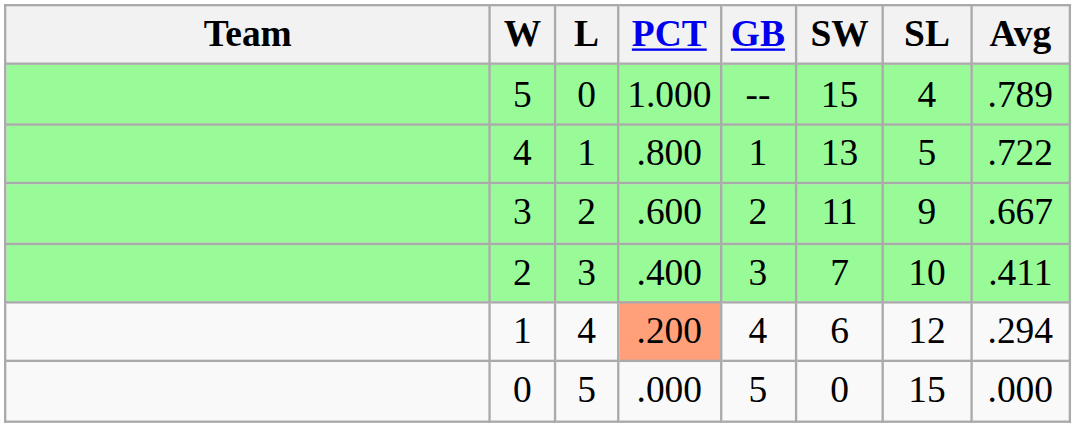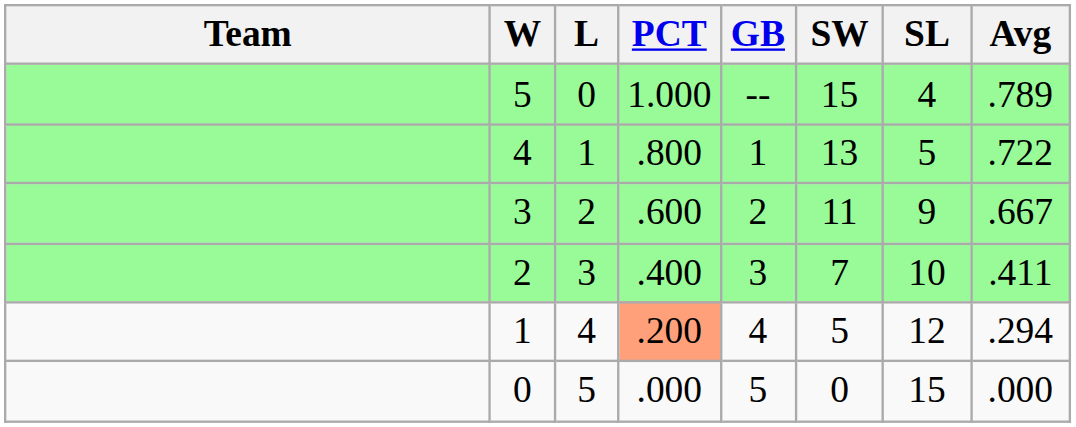 <table class=wikitable style="text-align:center;">
 <tr>
 <th style="width:200px;">Team</th>
 <th width=20px>W</th>
 <th width=20px>L</th>
 <th width=35px><a href='#'>PCT</a></th>
 <th width=25px><a href='#'>GB</a></th>
 <th width=30px>SW</th>
 <th width=30px>SL</th>
 <th width=35px>Avg</th>
 </tr>
 <tr style="background:#98fb98;">
 <td align=left></td>
 <td>5</td>
 <td>0</td>
 <td>1.000</td>
 <td>--</td>
 <td>15</td>
 <td>4</td>
 <td>.789</td>
 </tr>
 <tr style="background:#98fb98;">
 <td align=left></td>
 <td>4</td>
 <td>1</td>
 <td>.800</td>
 <td>1</td>
 <td>13</td>
 <td>5</td>
 <td>.722</td>
 </tr>
 <tr style="background:#98fb98;">
 <td align=left></td>
 <td>3</td>
 <td>2</td>
 <td>.600</td>
 <td>2</td>
 <td>11</td>
 <td>9</td>
 <td>.667</td>
 </tr>
 <tr style="background:#98fb98;">
 <td align=left></td>
 <td>2</td>
 <td>3</td>
 <td>.400</td>
 <td>3</td>
 <td>7</td>
 <td>10</td>
 <td>.411</td>
 </tr>
 <tr>
 <td align=left></td>
 <td>1</td>
 <td>4</td>
 <td style="background: lightsalmon;">.200</td>
 <td>4</td>
-<td>6</td>
+<td>5</td>
 <td>12</td>
 <td>.294</td>
 </tr>
 <tr>
 <td align=left></td>
 <td>0</td>
 <td>5</td>
 <td>.000</td>
 <td>5</td>
 <td>0</td>
 <td>15</td>
 <td>.000</td>
 </tr>
 </table>
